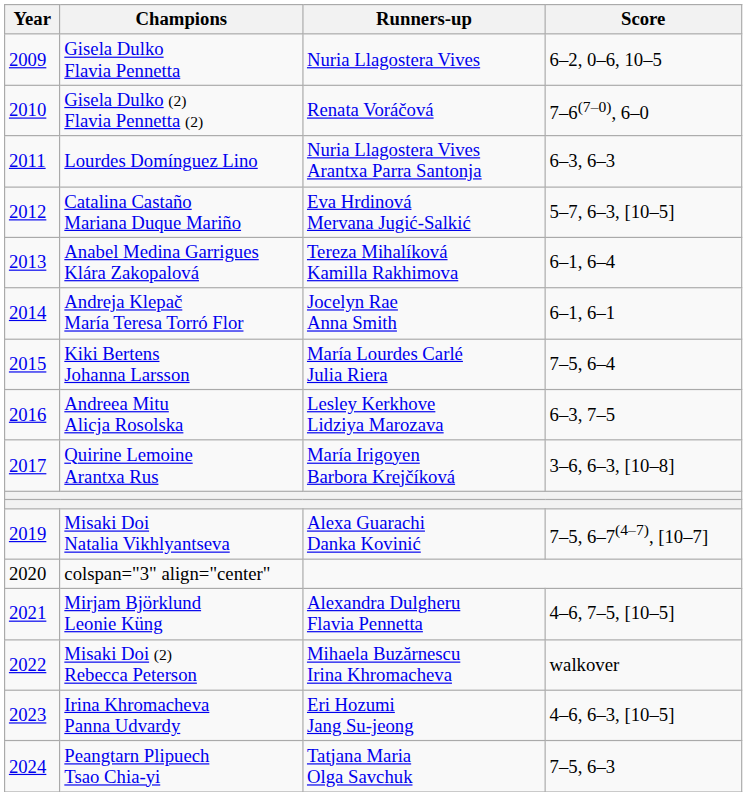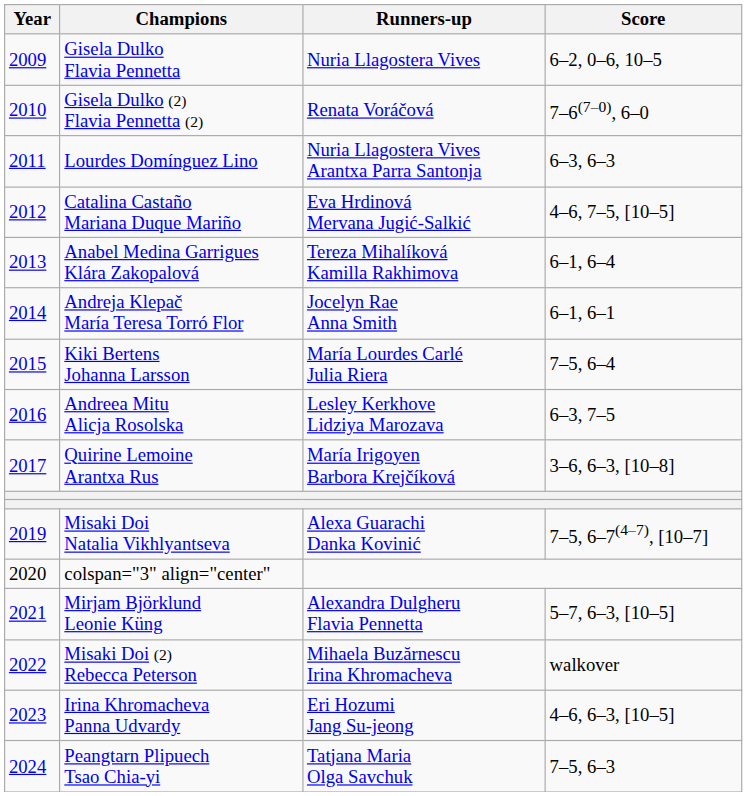 <table class="wikitable">
 <tr>
 <th style="width:40px">Year</th>
 <th style="width:200px">Champions</th>
 <th style="width:200px">Runners-up</th>
 <th style="width:160px" class="unsortable">Score</th>
 </tr>
 <tr>
 <td><a href='#'>2009</a></td>
 <td> <a href='#'>Gisela Dulko</a><br> <a href='#'>Flavia Pennetta</a></td>
 <td> <a href='#'>Nuria Llagostera Vives</a><br></td>
 <td>6–2, 0–6, 10–5</td>
 </tr>
 <tr>
 <td><a href='#'>2010</a></td>
 <td> <a href='#'>Gisela Dulko</a> <small> (2) </small> <br> <a href='#'>Flavia Pennetta</a> <small> (2) </small></td>
 <td> <a href='#'>Renata Voráčová</a><br></td>
 <td>7–6<sup>(7–0)</sup>, 6–0</td>
 </tr>
 <tr>
 <td><a href='#'>2011</a></td>
 <td> <a href='#'>Lourdes Domínguez Lino</a><br></td>
 <td> <a href='#'>Nuria Llagostera Vives</a><br> <a href='#'>Arantxa Parra Santonja</a></td>
 <td>6–3, 6–3</td>
 </tr>
 <tr>
 <td><a href='#'>2012</a></td>
 <td> <a href='#'>Catalina Castaño</a><br> <a href='#'>Mariana Duque Mariño</a></td>
 <td> <a href='#'>Eva Hrdinová</a><br> <a href='#'>Mervana Jugić-Salkić</a></td>
-<td>5–7, 6–3, [10–5]</td>
+<td>4–6, 7–5, [10–5]</td>
 </tr>
 <tr>
 <td><a href='#'>2013</a></td>
 <td> <a href='#'>Anabel Medina Garrigues</a><br> <a href='#'>Klára Zakopalová</a></td>
 <td> <a href='#'>Tereza Mihalíková</a> <br> <a href='#'>Kamilla Rakhimova</a></td>
 <td>6–1, 6–4</td>
 </tr>
 <tr>
 <td><a href='#'>2014</a></td>
 <td> <a href='#'>Andreja Klepač</a><br> <a href='#'>María Teresa Torró Flor</a></td>
 <td> <a href='#'>Jocelyn Rae</a><br> <a href='#'>Anna Smith</a></td>
 <td>6–1, 6–1</td>
 </tr>
 <tr>
 <td><a href='#'>2015</a></td>
 <td> <a href='#'>Kiki Bertens</a><br> <a href='#'>Johanna Larsson</a></td>
 <td> <a href='#'>María Lourdes Carlé</a> <br> <a href='#'>Julia Riera</a></td>
 <td>7–5, 6–4</td>
 </tr>
 <tr>
 <td><a href='#'>2016</a></td>
 <td> <a href='#'>Andreea Mitu</a><br> <a href='#'>Alicja Rosolska</a></td>
 <td> <a href='#'>Lesley Kerkhove</a><br> <a href='#'>Lidziya Marozava</a></td>
 <td>6–3, 7–5</td>
 </tr>
 <tr>
 <td><a href='#'>2017</a></td>
 <td> <a href='#'>Quirine Lemoine</a><br> <a href='#'>Arantxa Rus</a></td>
 <td> <a href='#'>María Irigoyen</a><br> <a href='#'>Barbora Krejčíková</a></td>
 <td>3–6, 6–3, [10–8]</td>
 </tr>
 <tr>
 <th colspan="4"></th>
 </tr>
 <tr>
 <th colspan="4"></th>
 </tr>
 <tr>
 <td><a href='#'>2019</a></td>
 <td> <a href='#'>Misaki Doi</a> <br> <a href='#'>Natalia Vikhlyantseva</a></td>
 <td> <a href='#'>Alexa Guarachi</a> <br> <a href='#'>Danka Kovinić</a></td>
 <td>7–5, 6–7<sup>(4–7)</sup>, [10–7]</td>
 </tr>
 <tr>
 <td>2020</td>
 <td>colspan="3" align="center" </td>
 </tr>
 <tr>
 <td><a href='#'>2021</a></td>
 <td> <a href='#'>Mirjam Björklund</a> <br> <a href='#'>Leonie Küng</a></td>
 <td> <a href='#'>Alexandra Dulgheru</a><br> <a href='#'>Flavia Pennetta</a></td>
-<td>4–6, 7–5, [10–5]</td>
+<td>5–7, 6–3, [10–5]</td>
 </tr>
 <tr>
 <td><a href='#'>2022</a></td>
 <td> <a href='#'>Misaki Doi</a> <small>(2)</small> <br> <a href='#'>Rebecca Peterson</a></td>
 <td> <a href='#'>Mihaela Buzărnescu</a> <br> <a href='#'>Irina Khromacheva</a></td>
 <td>walkover</td>
 </tr>
 <tr>
 <td><a href='#'>2023</a></td>
 <td> <a href='#'>Irina Khromacheva</a> <br> <a href='#'>Panna Udvardy</a></td>
 <td> <a href='#'>Eri Hozumi</a> <br> <a href='#'>Jang Su-jeong</a></td>
 <td>4–6, 6–3, [10–5]</td>
 </tr>
 <tr>
 <td><a href='#'>2024</a></td>
 <td> <a href='#'>Peangtarn Plipuech</a> <br> <a href='#'>Tsao Chia-yi</a></td>
 <td> <a href='#'>Tatjana Maria</a><br> <a href='#'>Olga Savchuk</a></td>
 <td>7–5, 6–3</td>
 </tr>
 </table>
